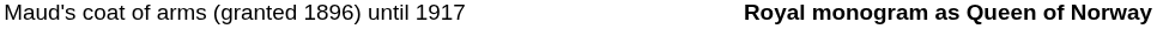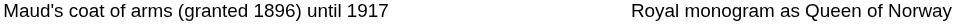 <table border="0" align="center" width="80%">
 <tr>
 <th width=25%></th>
 <th width=25%></th>
 </tr>
 <tr>
 <td style="text-align: center;">Maud's coat of arms (granted 1896) until 1917</td>
-<td style="text-align: center;"><strong>Royal monogram as Queen of Norway</strong></td>
+<td style="text-align: center;">Royal monogram as Queen of Norway</td>
 </tr>
 </table>
